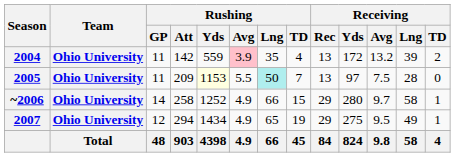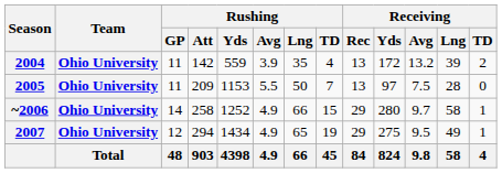 <table class=wikitable style="text-align:center;">
 <tr>
 <th rowspan=2>Season</th>
 <th rowspan=2>Team</th>
 <th colspan=6>Rushing</th>
 <th colspan=5>Receiving</th>
 </tr>
 <tr>
 <th>GP</th>
 <th>Att</th>
 <th>Yds</th>
 <th>Avg</th>
 <th>Lng</th>
 <th>TD</th>
 <th>Rec</th>
 <th>Yds</th>
 <th>Avg</th>
 <th>Lng</th>
 <th>TD</th>
 </tr>
 <tr>
 <th><a href='#'>2004</a></th>
 <th><a href='#'>Ohio University</a></th>
 <td>11</td>
 <td>142</td>
 <td>559</td>
-<td style="background: pink;">3.9</td>
+<td>3.9</td>
 <td>35</td>
 <td>4</td>
 <td>13</td>
 <td>172</td>
 <td>13.2</td>
 <td>39</td>
 <td>2</td>
 </tr>
 <tr>
 <th><a href='#'>2005</a></th>
 <th><a href='#'>Ohio University</a></th>
 <td>11</td>
 <td>209</td>
-<td style="background: lightyellow;">1153</td>
+<td>1153</td>
 <td>5.5</td>
-<td style="background: paleturquoise;">50</td>
+<td>50</td>
 <td>7</td>
 <td>13</td>
 <td>97</td>
 <td>7.5</td>
 <td>28</td>
 <td>0</td>
 </tr>
 <tr>
 <th>~<a href='#'>2006</a></th>
 <th><a href='#'>Ohio University</a></th>
 <td>14</td>
 <td>258</td>
 <td>1252</td>
 <td>4.9</td>
 <td>66</td>
 <td>15</td>
 <td>29</td>
 <td>280</td>
 <td>9.7</td>
 <td>58</td>
 <td>1</td>
 </tr>
 <tr>
 <th><a href='#'>2007</a></th>
 <th><a href='#'>Ohio University</a></th>
 <td>12</td>
 <td>294</td>
 <td>1434</td>
 <td>4.9</td>
 <td>65</td>
 <td>19</td>
 <td>29</td>
 <td>275</td>
 <td>9.5</td>
 <td>49</td>
 <td>1</td>
 </tr>
 <tr>
 <th></th>
 <th>Total</th>
 <th>48</th>
 <th>903</th>
 <th>4398</th>
 <th>4.9</th>
 <th>66</th>
 <th>45</th>
 <th>84</th>
 <th>824</th>
 <th>9.8</th>
 <th>58</th>
 <th>4</th>
 </tr>
 </table>
